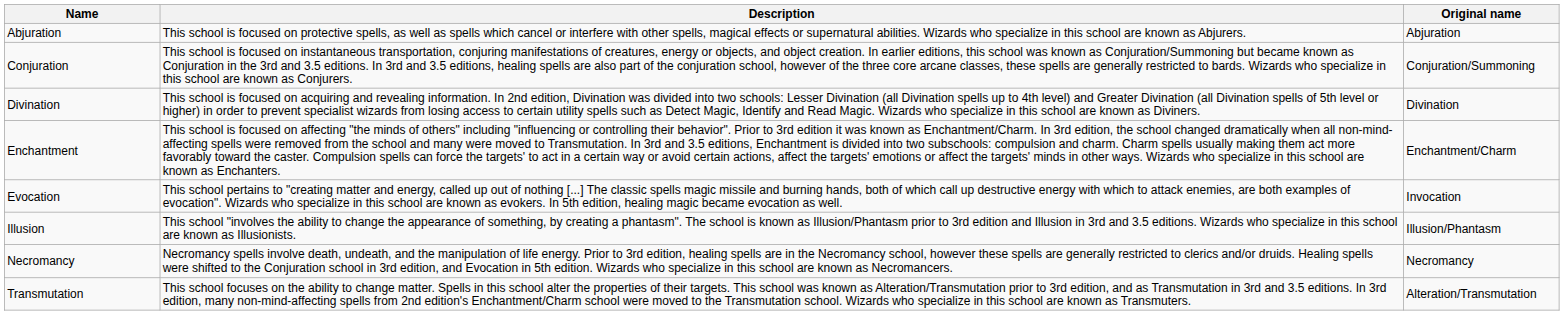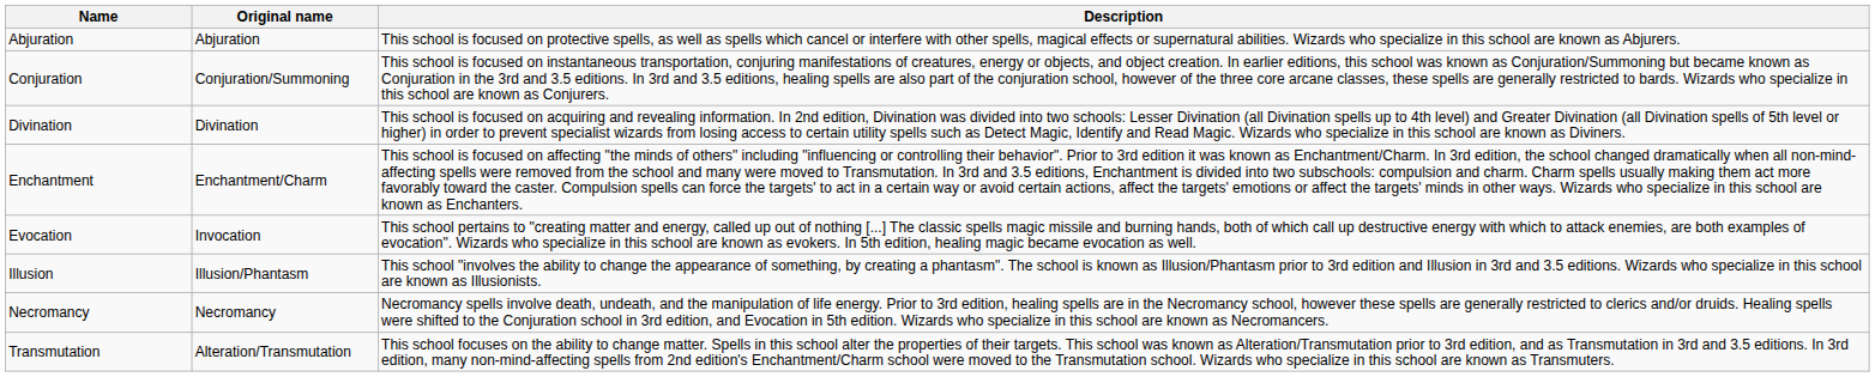 <table class="wikitable sortable" style="margins:auto; width=95%; font-size: 95%;">
 <tr>
 <th width="10%">Name</th>
+<th width="10%">Original name</th>
 <th width="80%">Description</th>
-<th width="10%">Original name</th>
 </tr>
 <tr>
 <td>Abjuration</td>
+<td>Abjuration</td>
 <td>This school is focused on protective spells, as well as spells which cancel or interfere with other spells, magical effects or supernatural abilities. Wizards who specialize in this school are known as Abjurers.</td>
-<td>Abjuration</td>
 </tr>
 <tr>
 <td>Conjuration</td>
+<td>Conjuration/Summoning</td>
 <td>This school is focused on instantaneous transportation, conjuring manifestations of creatures, energy or objects, and object creation. In earlier editions, this school was known as Conjuration/Summoning but became known as Conjuration in the 3rd and 3.5 editions. In 3rd and 3.5 editions, healing spells are also part of the conjuration school, however of the three core arcane classes, these spells are generally restricted to bards. Wizards who specialize in this school are known as Conjurers.</td>
-<td>Conjuration/Summoning</td>
 </tr>
 <tr>
 <td>Divination</td>
+<td>Divination</td>
 <td>This school is focused on acquiring and revealing information. In 2nd edition, Divination was divided into two schools: Lesser Divination (all Divination spells up to 4th level) and Greater Divination (all Divination spells of 5th level or higher) in order to prevent specialist wizards from losing access to certain utility spells such as Detect Magic, Identify and Read Magic. Wizards who specialize in this school are known as Diviners.</td>
-<td>Divination</td>
 </tr>
 <tr>
 <td>Enchantment</td>
+<td>Enchantment/Charm</td>
 <td>This school is focused on affecting "the minds of others" including "influencing or controlling their behavior". Prior to 3rd edition it was known as Enchantment/Charm. In 3rd edition, the school changed dramatically when all non-mind-affecting spells were removed from the school and many were moved to Transmutation. In 3rd and 3.5 editions, Enchantment is divided into two subschools: compulsion and charm. Charm spells usually making them act more favorably toward the caster. Compulsion spells can force the targets' to act in a certain way or avoid certain actions, affect the targets' emotions or affect the targets' minds in other ways. Wizards who specialize in this school are known as Enchanters.</td>
-<td>Enchantment/Charm</td>
 </tr>
 <tr>
 <td>Evocation</td>
+<td>Invocation</td>
 <td>This school pertains to "creating matter and energy, called up out of nothing [...] The classic spells magic missile and burning hands, both of which call up destructive energy with which to attack enemies, are both examples of evocation". Wizards who specialize in this school are known as evokers. In 5th edition, healing magic became evocation as well.</td>
-<td>Invocation</td>
 </tr>
 <tr>
 <td>Illusion</td>
+<td>Illusion/Phantasm</td>
 <td>This school "involves the ability to change the appearance of something, by creating a phantasm". The school is known as Illusion/Phantasm prior to 3rd edition and Illusion in 3rd and 3.5 editions. Wizards who specialize in this school are known as Illusionists.</td>
-<td>Illusion/Phantasm</td>
 </tr>
 <tr>
 <td>Necromancy</td>
+<td>Necromancy</td>
 <td>Necromancy spells involve death, undeath, and the manipulation of life energy. Prior to 3rd edition, healing spells are in the Necromancy school, however these spells are generally restricted to clerics and/or druids. Healing spells were shifted to the Conjuration school in 3rd edition, and Evocation in 5th edition. Wizards who specialize in this school are known as Necromancers.</td>
-<td>Necromancy</td>
 </tr>
 <tr>
 <td>Transmutation</td>
+<td>Alteration/Transmutation</td>
 <td>This school focuses on the ability to change matter. Spells in this school alter the properties of their targets. This school was known as Alteration/Transmutation prior to 3rd edition, and as Transmutation in 3rd and 3.5 editions. In 3rd edition, many non-mind-affecting spells from 2nd edition's Enchantment/Charm school were moved to the Transmutation school. Wizards who specialize in this school are known as Transmuters.</td>
-<td>Alteration/Transmutation</td>
 </tr>
 </table>
